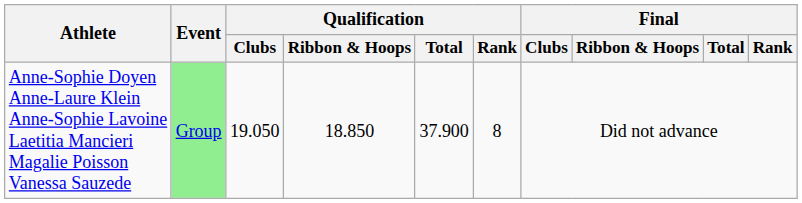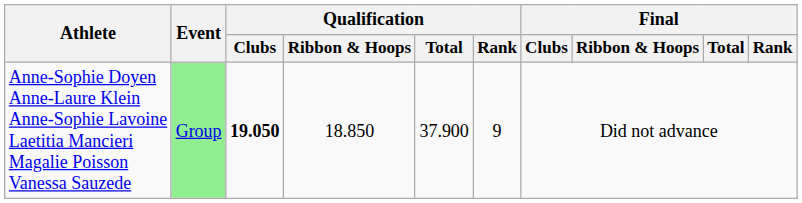 <table class=wikitable style="font-size:90%">
 <tr>
 <th rowspan="2">Athlete</th>
 <th rowspan="2">Event</th>
 <th colspan=4>Qualification</th>
 <th colspan=4>Final</th>
 </tr>
 <tr style="font-size:95%">
 <th>Clubs</th>
 <th>Ribbon & Hoops</th>
 <th>Total</th>
 <th>Rank</th>
 <th>Clubs</th>
 <th>Ribbon & Hoops</th>
 <th>Total</th>
 <th>Rank</th>
 </tr>
 <tr>
 <td align=left><a href='#'>Anne-Sophie Doyen</a><br> <a href='#'>Anne-Laure Klein</a><br> <a href='#'>Anne-Sophie Lavoine</a><br> <a href='#'>Laetitia Mancieri</a><br> <a href='#'>Magalie Poisson</a><br> <a href='#'>Vanessa Sauzede</a></td>
 <td align=left style="background: lightgreen;"><a href='#'>Group</a></td>
-<td align=center>19.050</td>
+<td align=center><strong>19.050</strong></td>
 <td align=center>18.850</td>
 <td align=center>37.900</td>
-<td align=center>8</td>
+<td align=center>9</td>
 <td align=center colspan=4>Did not advance</td>
 </tr>
 </table>
